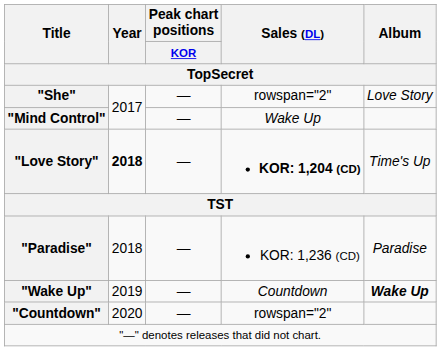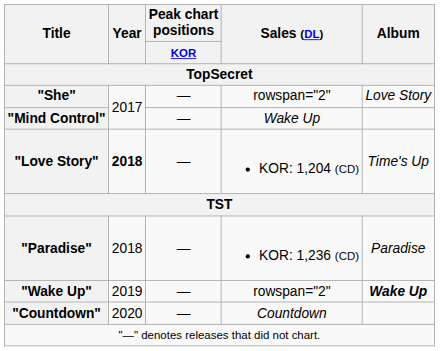 <table class="wikitable plainrowheaders" style="text-align:center;">
 <tr>
 <th scope="col" rowspan="2">Title</th>
 <th scope="col" rowspan="2">Year</th>
 <th scope="col" colspan="1">Peak chart <br> positions</th>
 <th scope="col" rowspan="2">Sales <small>(<a href='#'>DL</a>)</small></th>
 <th scope="col" rowspan="2">Album</th>
 </tr>
 <tr>
 <th><small><a href='#'>KOR</a></small><br></th>
 </tr>
 <tr>
 <th colspan="5">TopSecret</th>
 </tr>
 <tr>
 <th scope="row">"She"</th>
 <td rowspan="2">2017</td>
 <td>—</td>
 <td>rowspan="2" </td>
 <td><em>Love Story</em></td>
 </tr>
 <tr>
 <th scope="row">"Mind Control"</th>
 <td>—</td>
 <td><em>Wake Up</em></td>
 </tr>
 <tr>
 <th scope="row">"Love Story"</th>
 <td><strong>2018</strong></td>
 <td>—</td>
-<td><strong><br><ul><li>KOR: 1,204 <small>(CD)</small></li></ul></strong></td>
+<td><br><ul><li>KOR: 1,204 <small>(CD)</small></li></ul></td>
 <td><em>Time's Up</em></td>
 </tr>
 <tr>
 <th colspan="5">TST</th>
 </tr>
 <tr>
 <th scope="row">"Paradise"</th>
 <td>2018</td>
 <td>—</td>
 <td><br><ul><li>KOR: 1,236 <small>(CD)</small></li></ul></td>
 <td><em>Paradise</em></td>
 </tr>
 <tr>
 <th scope="row">"Wake Up"</th>
 <td>2019</td>
 <td>—</td>
-<td><em>Countdown</em></td>
+<td>rowspan="2" </td>
 <td><strong><em>Wake Up</em></strong></td>
 </tr>
 <tr>
 <th scope="row">"Countdown"</th>
 <td>2020</td>
 <td>—</td>
-<td>rowspan="2" </td>
+<td><em>Countdown</em></td>
 </tr>
 <tr>
 <td colspan="6" align="center"><small>"—" denotes releases that did not chart.</small></td>
 </tr>
 </table>
